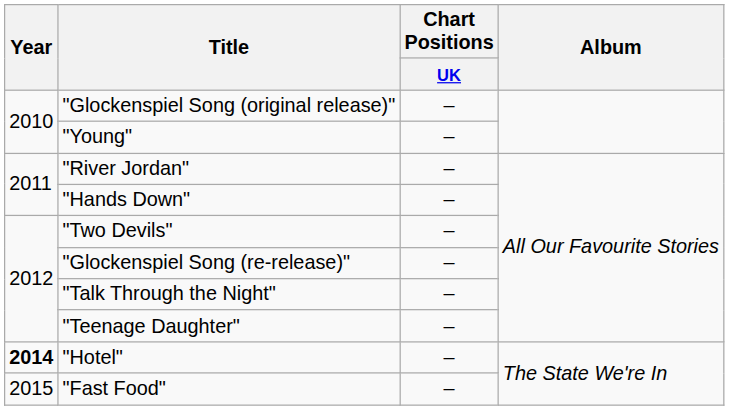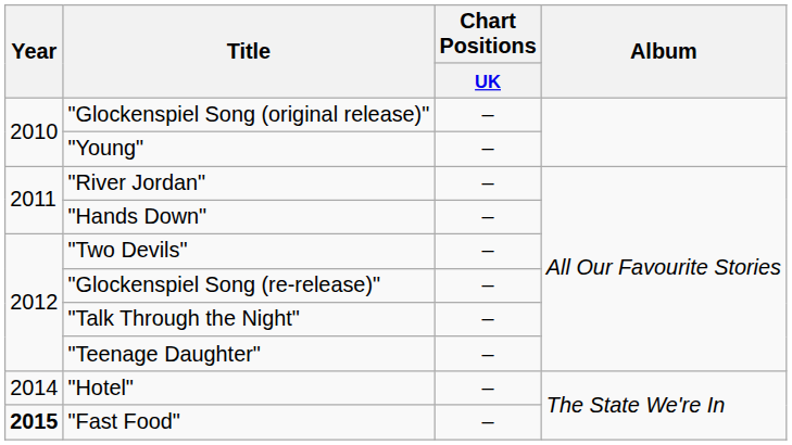 <table class="wikitable">
 <tr>
 <th rowspan="2">Year</th>
 <th rowspan="2">Title</th>
 <th colspan="1">Chart Positions</th>
 <th rowspan="2">Album</th>
 </tr>
 <tr>
 <th width="45"><small><a href='#'>UK</a></small></th>
 </tr>
 <tr>
 <td rowspan="2">2010</td>
 <td>"Glockenspiel Song (original release)"</td>
 <td align="center">–</td>
 </tr>
 <tr>
 <td>"Young"</td>
 <td align="center">–</td>
 </tr>
 <tr>
 <td rowspan="2">2011</td>
 <td>"River Jordan"</td>
 <td align="center">–</td>
 <td rowspan="6"><em>All Our Favourite Stories</em></td>
 </tr>
 <tr>
 <td>"Hands Down"</td>
 <td align="center">–</td>
 </tr>
 <tr>
 <td rowspan="4">2012</td>
 <td>"Two Devils"</td>
 <td align="center">–</td>
 </tr>
 <tr>
 <td>"Glockenspiel Song (re-release)"</td>
 <td align="center">–</td>
 </tr>
 <tr>
 <td>"Talk Through the Night"</td>
 <td align="center">–</td>
 </tr>
 <tr>
 <td>"Teenage Daughter"</td>
 <td align="center">–</td>
 </tr>
 <tr>
-<td rowspan="1"><strong>2014</strong></td>
+<td rowspan="1">2014</td>
 <td>"Hotel"</td>
 <td align="center">–</td>
 <td rowspan="2"><em>The State We're In</em></td>
 </tr>
 <tr>
-<td rowspan="1">2015</td>
+<td rowspan="1"><strong>2015</strong></td>
 <td>"Fast Food"</td>
 <td align="center">–</td>
 </tr>
 </table>
